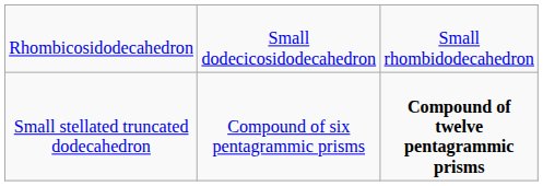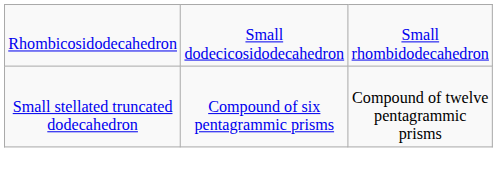 <table class="wikitable" width="400" style="vertical-align:top;text-align:center">
 <tr>
 <td><br><a href='#'>Rhombicosidodecahedron</a></td>
 <td><br><a href='#'>Small dodecicosidodecahedron</a></td>
 <td><br><a href='#'>Small rhombidodecahedron</a></td>
 </tr>
 <tr>
 <td><br><a href='#'>Small stellated truncated dodecahedron</a></td>
 <td><br><a href='#'>Compound of six pentagrammic prisms</a></td>
-<td><strong><br>Compound of twelve pentagrammic prisms</strong></td>
+<td><br>Compound of twelve pentagrammic prisms</td>
 </tr>
 </table>
